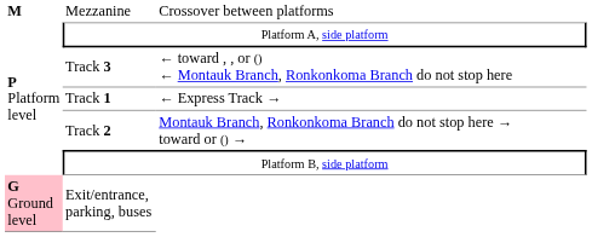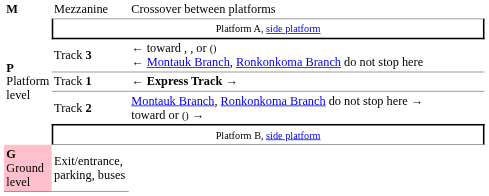 <table table border=0 cellspacing=0 cellpadding=3>
 <tr>
 <td><strong>M</strong></td>
 <td>Mezzanine</td>
 <td>Crossover between platforms</td>
 </tr>
 <tr>
 <td rowspan="5"><strong>P</strong><br>Platform level</td>
 <td colspan="2" style="border-top:solid 1px gray;border-right:solid 2px black;border-left:solid 2px black;border-bottom:solid 2px black;text-align:center;"><small>Platform A, <a href='#'>side platform</a></small> </td>
 </tr>
 <tr>
 <td style="border-bottom:solid 1px gray;" width=100>Track <strong>3</strong></td>
 <td style="border-bottom:solid 1px gray;" width=775>←  toward , , or  <small>()</small><br>←   <a href='#'>Montauk Branch</a>, <a href='#'>Ronkonkoma Branch</a> do not stop here</td>
 </tr>
 <tr>
 <td style="border-bottom:solid 1px gray;" width=100>Track <strong>1</strong></td>
-<td style="border-bottom:solid 1px gray;" width=875>← Express Track →</td>
+<td style="border-bottom:solid 1px gray;" width=875><strong>← Express Track →</strong></td>
 </tr>
 <tr>
 <td>Track <strong>2</strong></td>
 <td>   <a href='#'>Montauk Branch</a>, <a href='#'>Ronkonkoma Branch</a> do not stop here → <br>  toward  or  <small>()</small> →</td>
 </tr>
 <tr>
 <td style="border-bottom:solid 1px gray;border-top:solid 2px black;border-right:solid 2px black;border-left:solid 2px black;text-align:center;" colspan=2><small>Platform B, <a href='#'>side platform</a></small> </td>
 </tr>
 <tr>
 <td style="background: pink; border-bottom:solid 1px gray"><strong>G</strong><br>Ground level</td>
 <td style="border-bottom:solid 1px gray">Exit/entrance, parking, buses</td>
 </tr>
 </table>
